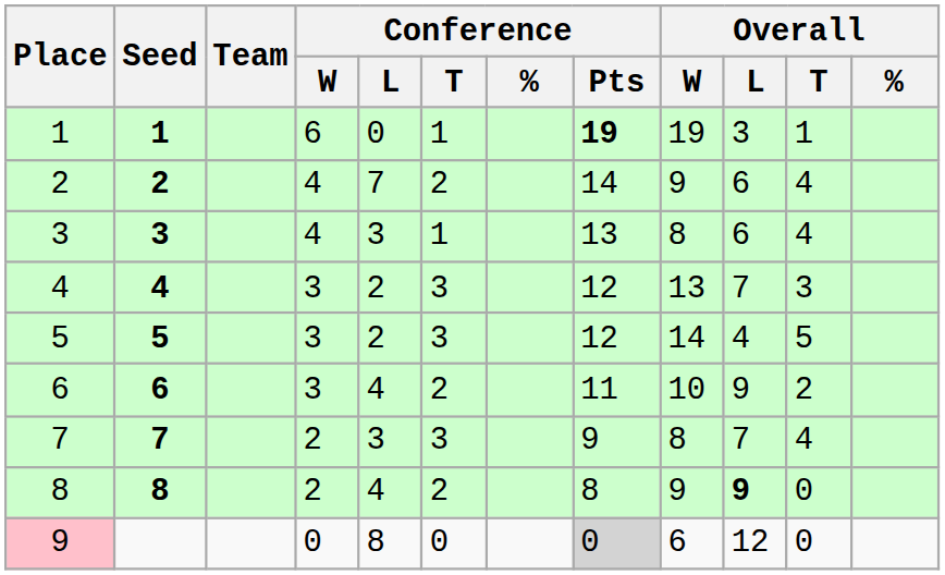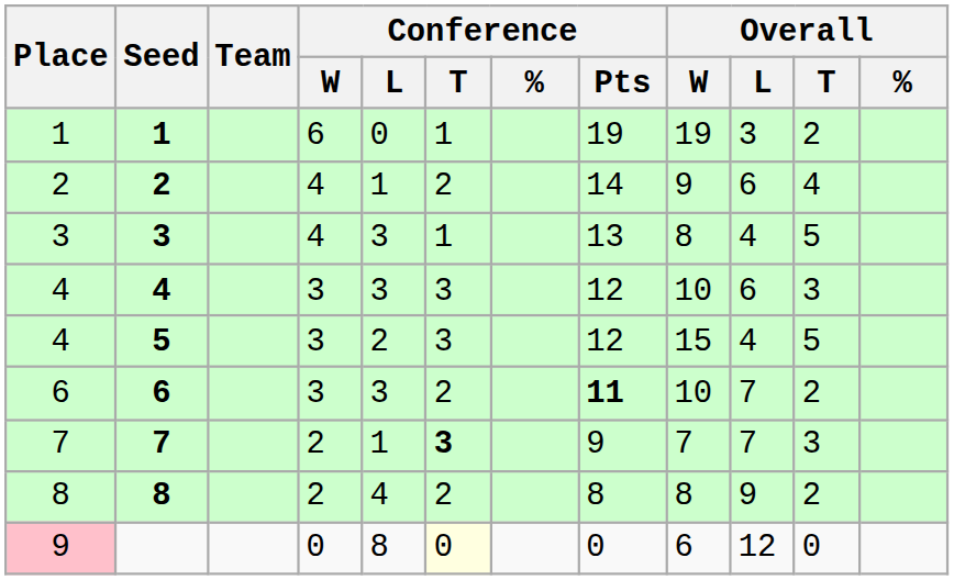 <table class="wikitable">
 <tr>
 <th rowspan ="2">Place</th>
 <th rowspan ="2">Seed</th>
 <th rowspan ="2">Team</th>
 <th colspan = "5">Conference</th>
 <th colspan = "4">Overall</th>
 </tr>
 <tr>
 <th scope="col" style="width: 20px;">W</th>
 <th scope="col" style="width: 20px;">L</th>
 <th scope="col" style="width: 20px;">T</th>
 <th scope="col" style="width: 30px;">%</th>
 <th scope="col" style="width: 30px;">Pts</th>
 <th scope="col" style="width: 20px;">W</th>
 <th scope="col" style="width: 20px;">L</th>
 <th scope="col" style="width: 20px;">T</th>
 <th scope="col" style="width: 30px;">%</th>
 </tr>
 <tr bgcolor=#ccffcc>
 <td style="text-align:center;">1</td>
 <td style="text-align:center;"><strong>1</strong></td>
 <td></td>
 <td>6</td>
 <td>0</td>
 <td>1</td>
 <td></td>
-<td><strong>19</strong></td>
+<td>19</td>
 <td>19</td>
 <td>3</td>
-<td>1</td>
+<td>2</td>
 <td></td>
 </tr>
 <tr bgcolor=#ccffcc>
 <td style="text-align:center;">2</td>
 <td style="text-align:center;"><strong>2</strong></td>
 <td></td>
 <td>4</td>
-<td>7</td>
+<td>1</td>
 <td>2</td>
 <td></td>
 <td>14</td>
 <td>9</td>
 <td>6</td>
 <td>4</td>
 <td></td>
 </tr>
 <tr bgcolor=#ccffcc>
 <td style="text-align:center;">3</td>
 <td style="text-align:center;"><strong>3</strong></td>
 <td></td>
 <td>4</td>
 <td>3</td>
 <td>1</td>
 <td></td>
 <td>13</td>
 <td>8</td>
-<td>6</td>
 <td>4</td>
+<td>5</td>
 <td></td>
 </tr>
 <tr bgcolor=#ccffcc>
 <td style="text-align:center;">4</td>
 <td style="text-align:center;"><strong>4</strong></td>
 <td></td>
 <td>3</td>
-<td>2</td>
+<td>3</td>
 <td>3</td>
 <td></td>
 <td>12</td>
-<td>13</td>
-<td>7</td>
+<td>10</td>
+<td>6</td>
 <td>3</td>
 <td></td>
 </tr>
 <tr bgcolor=#ccffcc>
-<td style="text-align:center;">5</td>
+<td style="text-align:center;">4</td>
 <td style="text-align:center;"><strong>5</strong></td>
 <td></td>
 <td>3</td>
 <td>2</td>
 <td>3</td>
 <td></td>
 <td>12</td>
-<td>14</td>
+<td>15</td>
 <td>4</td>
 <td>5</td>
 <td></td>
 </tr>
 <tr bgcolor=#ccffcc>
 <td style="text-align:center;">6</td>
 <td style="text-align:center;"><strong>6</strong></td>
 <td></td>
 <td>3</td>
-<td>4</td>
+<td>3</td>
 <td>2</td>
 <td></td>
-<td>11</td>
+<td><strong>11</strong></td>
 <td>10</td>
-<td>9</td>
+<td>7</td>
 <td>2</td>
 <td></td>
 </tr>
 <tr bgcolor=#ccffcc>
 <td style="text-align:center;">7</td>
 <td style="text-align:center;"><strong>7</strong></td>
 <td></td>
 <td>2</td>
-<td>3</td>
-<td>3</td>
+<td>1</td>
+<td><strong>3</strong></td>
 <td></td>
 <td>9</td>
-<td>8</td>
 <td>7</td>
-<td>4</td>
+<td>7</td>
+<td>3</td>
 <td></td>
 </tr>
 <tr bgcolor=#ccffcc>
 <td style="text-align:center;">8</td>
 <td style="text-align:center;"><strong>8</strong></td>
 <td></td>
 <td>2</td>
 <td>4</td>
 <td>2</td>
 <td></td>
 <td>8</td>
+<td>8</td>
 <td>9</td>
-<td><strong>9</strong></td>
-<td>0</td>
+<td>2</td>
 <td></td>
 </tr>
 <tr>
 <td style="background: pink; text-align:center;">9</td>
 <td style="text-align:center;"></td>
 <td></td>
 <td>0</td>
 <td>8</td>
+<td style="background: lightyellow;">0</td>
+<td></td>
 <td>0</td>
-<td></td>
-<td style="background: lightgrey;">0</td>
 <td>6</td>
 <td>12</td>
 <td>0</td>
 <td></td>
 </tr>
 </table>
